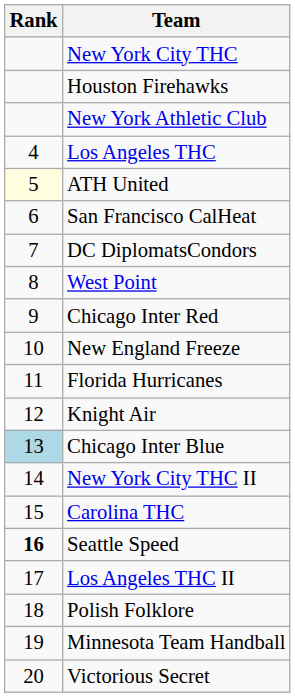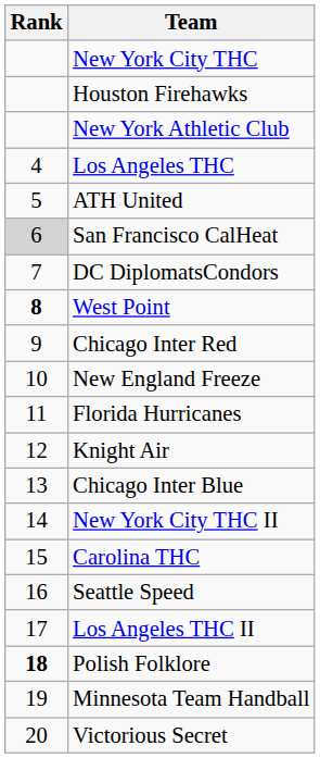 <table class="wikitable">
 <tr>
 <th>Rank</th>
 <th>Team</th>
 </tr>
 <tr>
 <td align=center></td>
 <td align="left"><a href='#'>New York City THC</a></td>
 </tr>
 <tr>
 <td align=center></td>
 <td align="left">Houston Firehawks</td>
 </tr>
 <tr>
 <td align=center></td>
 <td align="left"><a href='#'>New York Athletic Club</a></td>
 </tr>
 <tr>
 <td align=center>4</td>
 <td align="left"><a href='#'>Los Angeles THC</a></td>
 </tr>
 <tr>
-<td align=center style="background: lightyellow;">5</td>
+<td align=center>5</td>
 <td align="left">ATH United</td>
 </tr>
 <tr>
-<td align=center>6</td>
+<td align=center style="background: lightgrey;">6</td>
 <td align="left">San Francisco CalHeat</td>
 </tr>
 <tr>
 <td align=center>7</td>
 <td align="left">DC DiplomatsCondors</td>
 </tr>
 <tr>
-<td align=center>8</td>
+<td align=center><strong>8</strong></td>
 <td align="left"><a href='#'>West Point</a></td>
 </tr>
 <tr>
 <td align=center>9</td>
 <td align="left">Chicago Inter Red</td>
 </tr>
 <tr>
 <td align=center>10</td>
 <td align="left">New England Freeze</td>
 </tr>
 <tr>
 <td align=center>11</td>
 <td align="left">Florida Hurricanes</td>
 </tr>
 <tr>
 <td align=center>12</td>
 <td align="left">Knight Air</td>
 </tr>
 <tr>
-<td align=center style="background: lightblue;">13</td>
+<td align=center>13</td>
 <td align="left">Chicago Inter Blue</td>
 </tr>
 <tr>
 <td align=center>14</td>
 <td align="left"><a href='#'>New York City THC</a> II</td>
 </tr>
 <tr>
 <td align=center>15</td>
 <td align="left"><a href='#'>Carolina THC</a></td>
 </tr>
 <tr>
-<td align=center><strong>16</strong></td>
+<td align=center>16</td>
 <td align="left">Seattle Speed</td>
 </tr>
 <tr>
 <td align=center>17</td>
 <td align="left"><a href='#'>Los Angeles THC</a> II</td>
 </tr>
 <tr>
-<td align=center>18</td>
+<td align=center><strong>18</strong></td>
 <td align="left">Polish Folklore</td>
 </tr>
 <tr>
 <td align=center>19</td>
 <td align="left">Minnesota Team Handball</td>
 </tr>
 <tr>
 <td align=center>20</td>
 <td align="left">Victorious Secret</td>
 </tr>
 </table>
